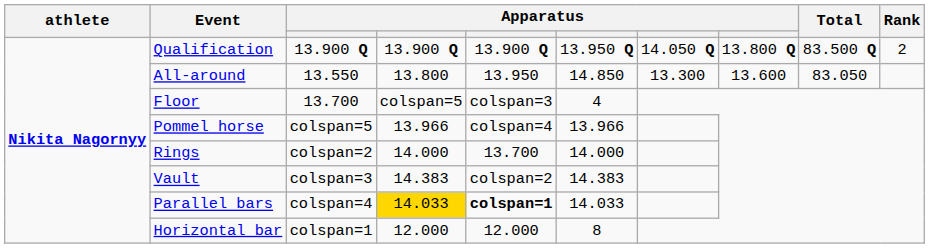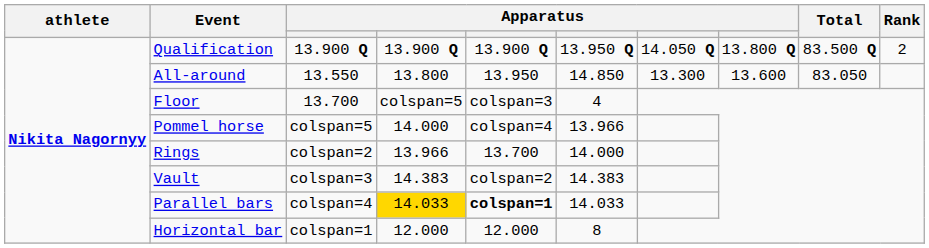 <table class="wikitable" style="font-size:90%">
 <tr>
 <th rowspan=2>athlete</th>
 <th rowspan=2>Event</th>
 <th colspan =6>Apparatus</th>
 <th rowspan=2>Total</th>
 <th rowspan=2>Rank</th>
 </tr>
 <tr style="font-size:95%">
 <th></th>
 <th></th>
 <th></th>
 <th></th>
 <th></th>
 <th></th>
 </tr>
 <tr align=center>
 <td align=left rowspan=8><strong><a href='#'>Nikita Nagornyy</a></strong></td>
 <td align=left><a href='#'>Qualification</a></td>
 <td>13.900  <strong>Q</strong></td>
 <td>13.900  <strong>Q</strong></td>
 <td>13.900  <strong>Q</strong></td>
 <td>13.950  <strong>Q</strong></td>
 <td>14.050  <strong>Q</strong></td>
 <td>13.800  <strong>Q</strong></td>
 <td>83.500  <strong>Q</strong></td>
 <td>2</td>
 </tr>
 <tr align=center>
 <td align=left><a href='#'>All-around</a></td>
 <td>13.550</td>
 <td>13.800</td>
 <td>13.950</td>
 <td>14.850</td>
 <td>13.300</td>
 <td>13.600</td>
 <td>83.050</td>
 <td></td>
 </tr>
 <tr align=center>
 <td align=left><a href='#'>Floor</a></td>
 <td>13.700</td>
 <td>colspan=5 </td>
 <td>colspan=3 </td>
 <td>4</td>
 </tr>
 <tr align=center>
 <td align=left><a href='#'>Pommel horse</a></td>
 <td>colspan=5 </td>
-<td>13.966</td>
+<td>14.000</td>
 <td>colspan=4 </td>
 <td>13.966</td>
 <td></td>
 </tr>
 <tr align=center>
 <td align=left><a href='#'>Rings</a></td>
 <td>colspan=2 </td>
-<td>14.000</td>
+<td>13.966</td>
 <td>13.700</td>
 <td>14.000</td>
 <td></td>
 </tr>
 <tr align=center>
 <td align=left><a href='#'>Vault</a></td>
 <td>colspan=3 </td>
 <td>14.383</td>
 <td>colspan=2 </td>
 <td>14.383</td>
 <td></td>
 </tr>
 <tr align=center>
 <td align=left><a href='#'>Parallel bars</a></td>
 <td>colspan=4 </td>
 <td style="background: gold;">14.033</td>
 <td><strong>colspan=1 </strong></td>
 <td>14.033</td>
 <td></td>
 </tr>
 <tr align=center>
 <td align=left><a href='#'>Horizontal bar</a></td>
 <td>colspan=1 </td>
 <td>12.000</td>
 <td>12.000</td>
 <td>8</td>
 </tr>
 </table>
